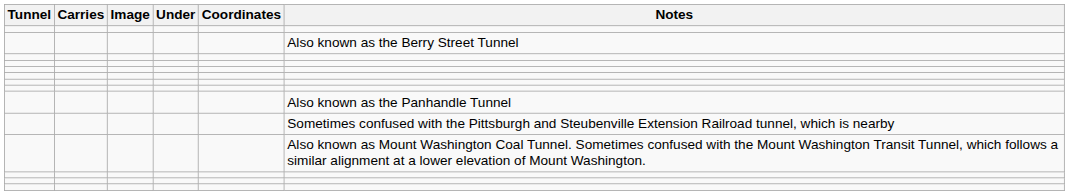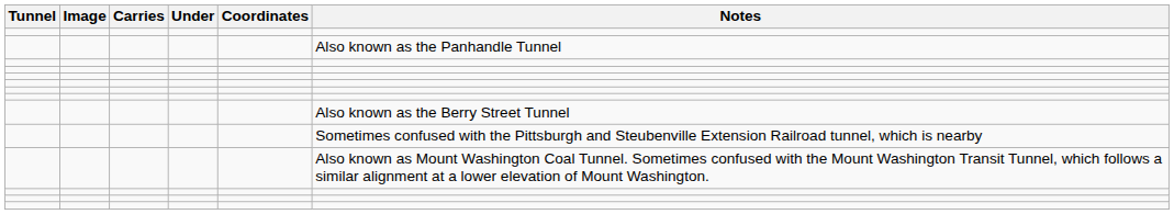 <table class=wikitable>
 <tr>
 <th>Tunnel</th>
+<th>Image</th>
 <th>Carries</th>
-<th>Image</th>
 <th>Under</th>
 <th>Coordinates</th>
 <th>Notes</th>
 </tr>
 <tr>
 <td></td>
 <td></td>
 <td></td>
 <td></td>
 <td></td>
 <td></td>
 </tr>
 <tr>
 <td></td>
 <td></td>
 <td></td>
 <td></td>
 <td></td>
-<td>Also known as the Berry Street Tunnel</td>
+<td>Also known as the Panhandle Tunnel</td>
 </tr>
 <tr>
 <td></td>
 <td></td>
 <td></td>
 <td></td>
 <td></td>
 <td></td>
 </tr>
 <tr>
 <td></td>
 <td></td>
 <td></td>
 <td></td>
 <td></td>
 <td></td>
 </tr>
 <tr>
 <td></td>
 <td></td>
 <td></td>
 <td></td>
 <td></td>
 <td></td>
 </tr>
 <tr>
 <td></td>
 <td></td>
 <td></td>
 <td></td>
 <td></td>
 <td></td>
 </tr>
 <tr>
 <td></td>
 <td></td>
 <td></td>
 <td></td>
 <td></td>
 <td></td>
 </tr>
 <tr>
 <td></td>
 <td></td>
 <td></td>
 <td></td>
 <td></td>
 <td></td>
 </tr>
 <tr>
 <td></td>
 <td></td>
 <td></td>
 <td></td>
 <td></td>
-<td>Also known as the Panhandle Tunnel</td>
+<td>Also known as the Berry Street Tunnel</td>
 </tr>
 <tr>
 <td></td>
 <td></td>
 <td></td>
 <td></td>
 <td></td>
 <td>Sometimes confused with the Pittsburgh and Steubenville Extension Railroad tunnel, which is nearby</td>
 </tr>
 <tr>
 <td></td>
 <td></td>
 <td></td>
 <td></td>
 <td></td>
 <td>Also known as Mount Washington Coal Tunnel. Sometimes confused with the Mount Washington Transit Tunnel, which follows a similar alignment at a lower elevation of Mount Washington.</td>
 </tr>
 <tr>
 <td></td>
 <td></td>
 <td></td>
 <td></td>
 <td></td>
 <td></td>
 </tr>
 <tr>
 <td></td>
 <td></td>
 <td></td>
 <td></td>
 <td></td>
 <td></td>
 </tr>
 <tr>
 <td></td>
 <td></td>
 <td></td>
 <td></td>
 <td></td>
 <td></td>
 </tr>
 </table>
